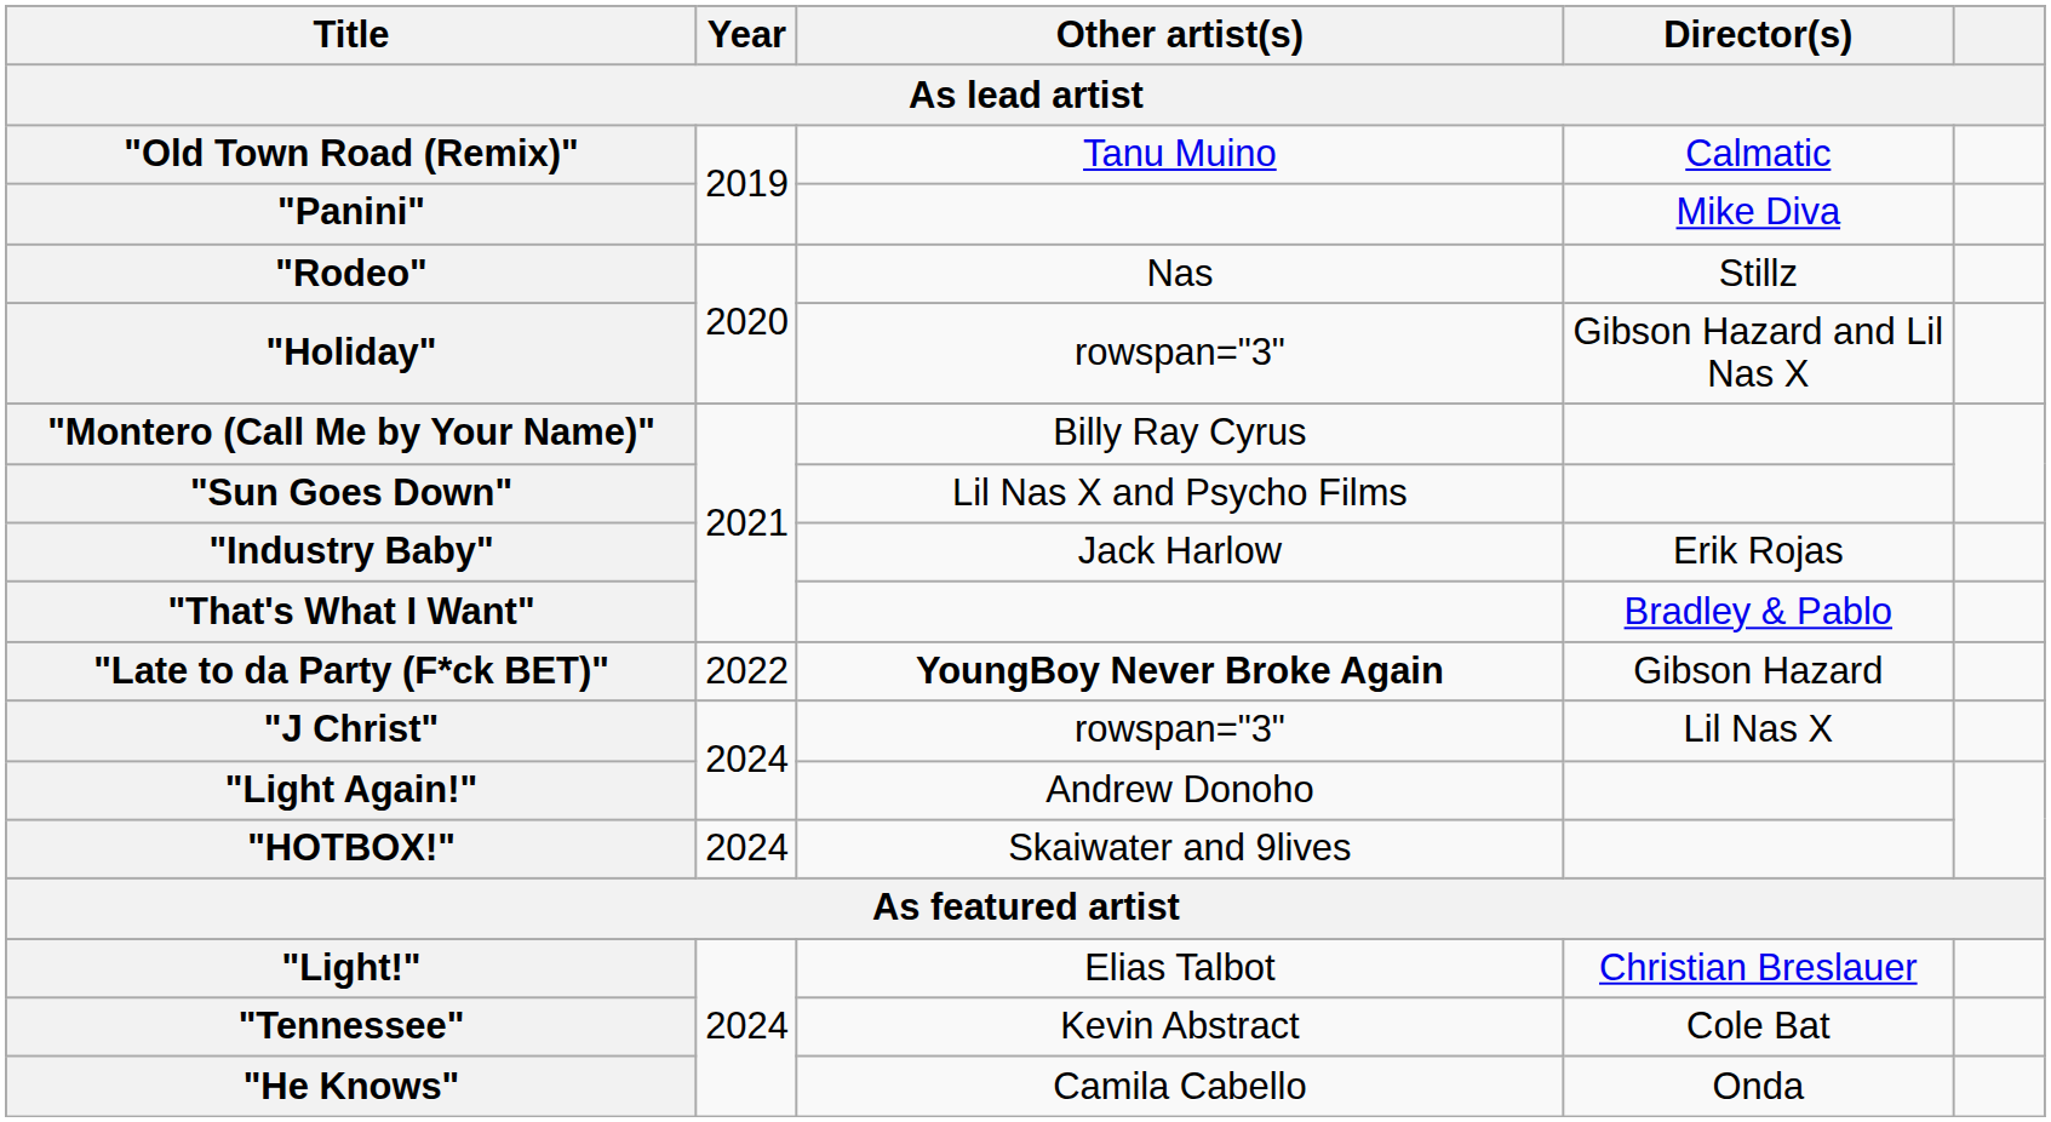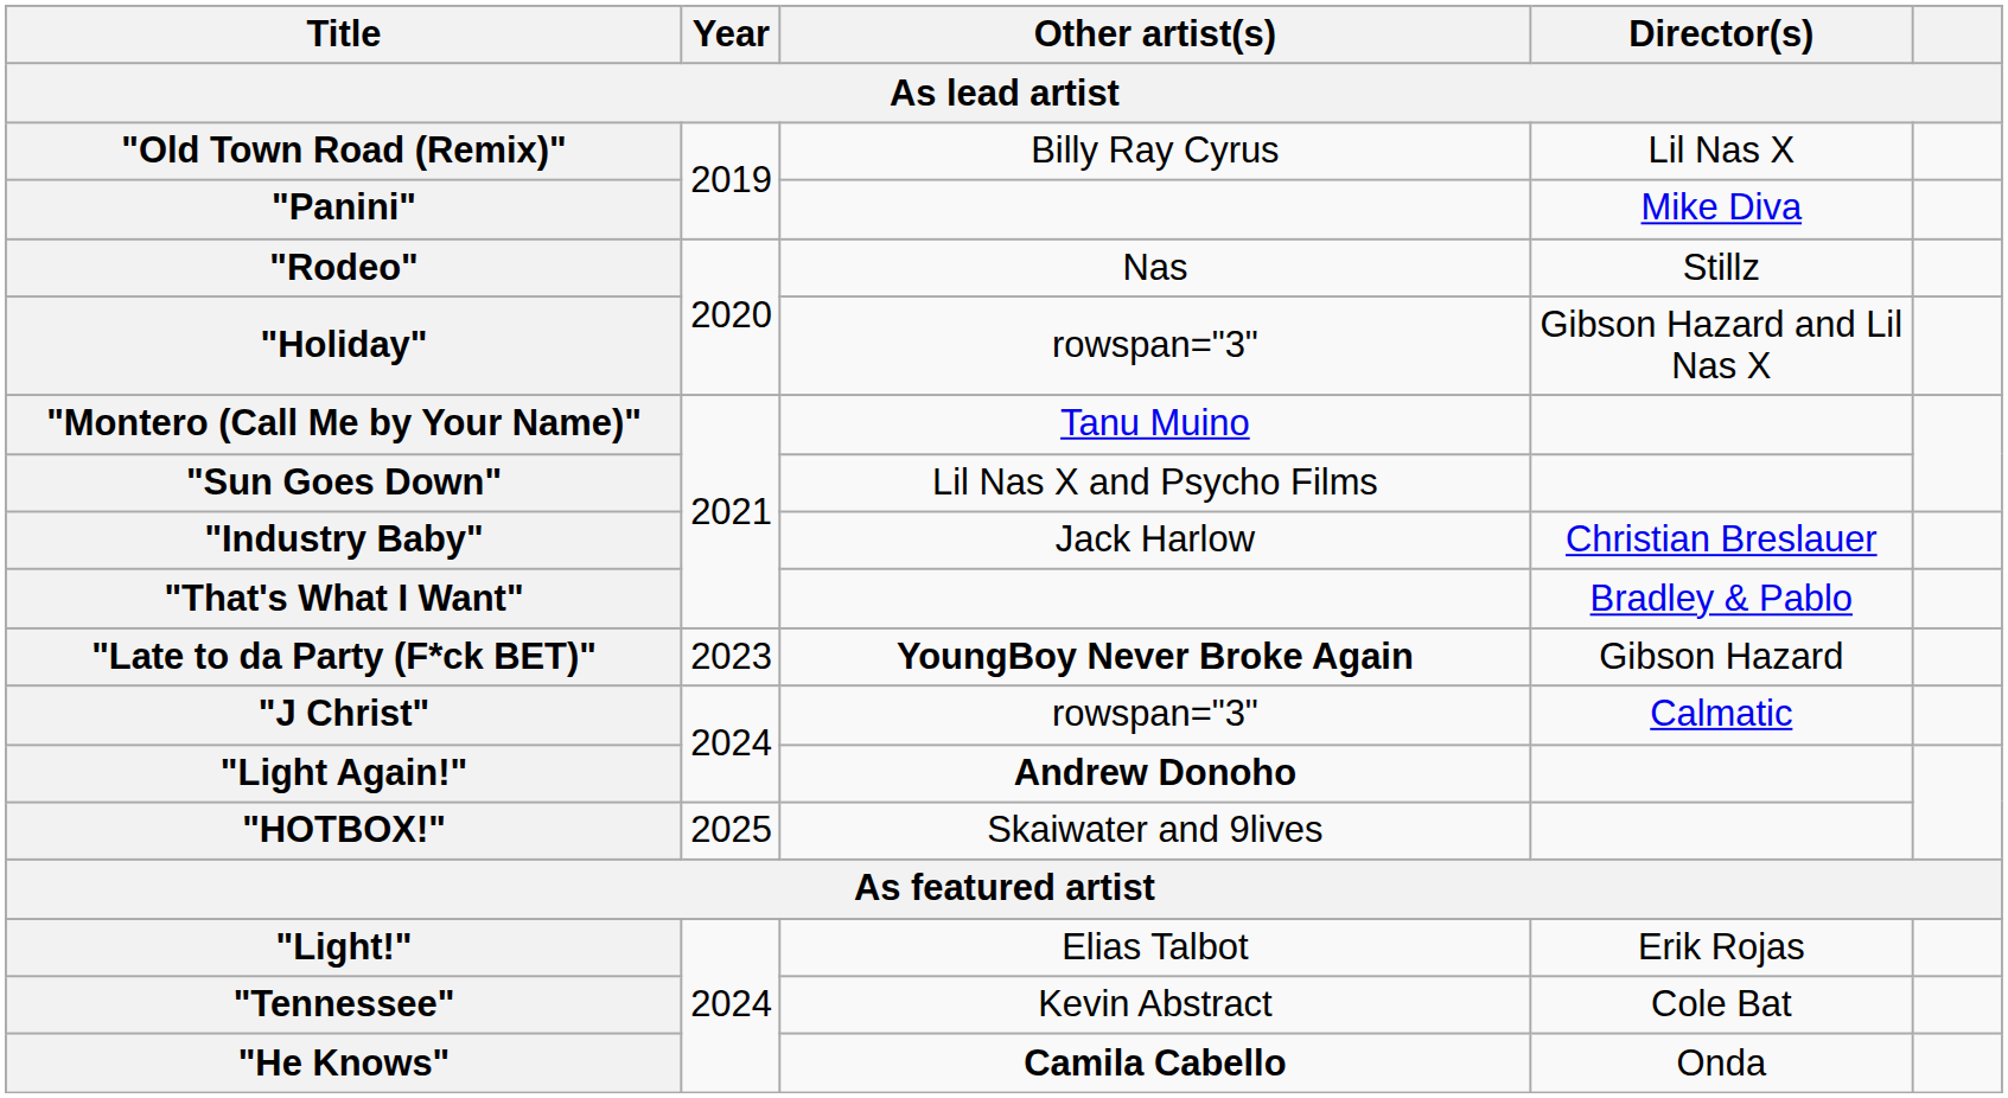 <table class="wikitable plainrowheaders" style="text-align:center;">
 <tr>
 <th scope="col" style="width:18em;">Title</th>
 <th scope="col" style="width:1em;">Year</th>
 <th scope="col" style="width:20em;">Other artist(s)</th>
 <th scope="col" style="width:10em;">Director(s)</th>
 <th scope="col" style="width:2em;"></th>
 </tr>
 <tr>
 <th scope="col" colspan="5">As lead artist</th>
 </tr>
 <tr>
 <th scope="row">"Old Town Road (Remix)"</th>
 <td rowspan="2">2019</td>
-<td><a href='#'>Tanu Muino</a></td>
-<td><a href='#'>Calmatic</a></td>
+<td>Billy Ray Cyrus</td>
+<td>Lil Nas X</td>
 <td></td>
 </tr>
 <tr>
 <th scope="row">"Panini"</th>
 <td></td>
 <td><a href='#'>Mike Diva</a></td>
 <td></td>
 </tr>
 <tr>
 <th scope="row">"Rodeo"</th>
 <td rowspan="2">2020</td>
 <td>Nas</td>
 <td>Stillz</td>
 <td></td>
 </tr>
 <tr>
 <th scope="row">"Holiday"</th>
 <td>rowspan="3" </td>
 <td>Gibson Hazard and Lil Nas X</td>
 <td></td>
 </tr>
 <tr>
 <th scope="row">"Montero (Call Me by Your Name)"</th>
 <td rowspan="4">2021</td>
-<td>Billy Ray Cyrus</td>
+<td><a href='#'>Tanu Muino</a></td>
 <td></td>
 </tr>
 <tr>
 <th scope="row">"Sun Goes Down"</th>
 <td>Lil Nas X and Psycho Films</td>
 <td></td>
 </tr>
 <tr>
 <th scope="row">"Industry Baby"</th>
 <td>Jack Harlow</td>
-<td>Erik Rojas</td>
+<td><a href='#'>Christian Breslauer</a></td>
 <td></td>
 </tr>
 <tr>
 <th scope="row">"That's What I Want"</th>
 <td></td>
 <td><a href='#'>Bradley & Pablo</a></td>
 <td></td>
 </tr>
 <tr>
 <th scope="row">"Late to da Party (F*ck BET)"</th>
-<td>2022</td>
+<td>2023</td>
 <td><strong>YoungBoy Never Broke Again</strong></td>
 <td>Gibson Hazard</td>
 <td></td>
 </tr>
 <tr>
 <th scope="row">"J Christ"<br></th>
 <td rowspan="2">2024</td>
 <td>rowspan="3" </td>
-<td>Lil Nas X</td>
+<td><a href='#'>Calmatic</a></td>
 <td></td>
 </tr>
 <tr>
 <th scope="row">"Light Again!"</th>
-<td>Andrew Donoho</td>
+<td><strong>Andrew Donoho</strong></td>
 <td></td>
 </tr>
 <tr>
 <th scope="row">"HOTBOX!"</th>
-<td>2024</td>
+<td>2025</td>
 <td>Skaiwater and 9lives</td>
 <td></td>
 </tr>
 <tr>
 <th scope="col" colspan="5">As featured artist</th>
 </tr>
 <tr>
 <th scope="row">"Light!"</th>
 <td rowspan="3">2024</td>
 <td>Elias Talbot</td>
-<td><a href='#'>Christian Breslauer</a></td>
+<td>Erik Rojas</td>
 <td></td>
 </tr>
 <tr>
 <th scope="row">"Tennessee"</th>
 <td>Kevin Abstract</td>
 <td>Cole Bat</td>
 <td></td>
 </tr>
 <tr>
 <th scope="row">"He Knows"</th>
-<td>Camila Cabello</td>
+<td><strong>Camila Cabello</strong></td>
 <td>Onda</td>
 <td></td>
 </tr>
 <tr>
 </tr>
 </table>
